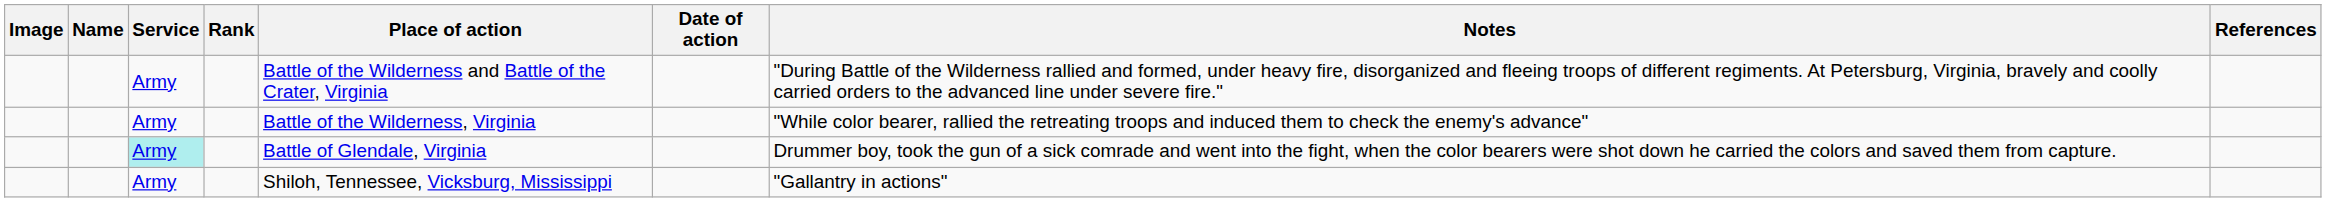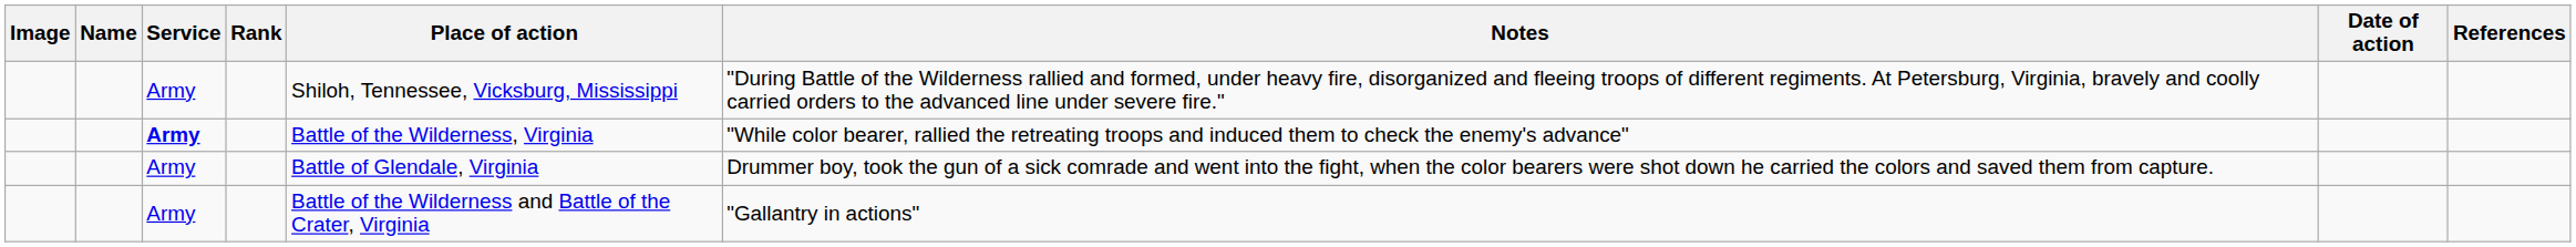 <table class="wikitable sortable" width="99%">
 <tr>
 <th class="unsortable">Image</th>
 <th>Name</th>
 <th>Service</th>
 <th>Rank</th>
 <th>Place of action</th>
+<th class="unsortable">Notes</th>
 <th>Date of action</th>
-<th class="unsortable">Notes</th>
 <th class="unsortable">References</th>
 </tr>
 <tr>
 <td></td>
 <td></td>
 <td><a href='#'>Army</a></td>
 <td></td>
-<td><a href='#'>Battle of the Wilderness</a> and <a href='#'>Battle of the Crater</a>, <a href='#'>Virginia</a></td>
+<td>Shiloh, Tennessee, <a href='#'>Vicksburg, Mississippi</a></td>
+<td>"During Battle of the Wilderness rallied and formed, under heavy fire, disorganized and fleeing troops of different regiments. At Petersburg, Virginia, bravely and coolly carried orders to the advanced line under severe fire."</td>
 <td></td>
-<td>"During Battle of the Wilderness rallied and formed, under heavy fire, disorganized and fleeing troops of different regiments. At Petersburg, Virginia, bravely and coolly carried orders to the advanced line under severe fire."</td>
+<td></td>
+</tr>
+<tr>
+<td></td>
+<td></td>
+<td><strong><a href='#'>Army</a></strong></td>
+<td></td>
+<td><a href='#'>Battle of the Wilderness</a>, <a href='#'>Virginia</a></td>
+<td>"While color bearer, rallied the retreating troops and induced them to check the enemy's advance"</td>
+<td></td>
 <td></td>
 </tr>
 <tr>
 <td></td>
 <td></td>
 <td><a href='#'>Army</a></td>
 <td></td>
-<td><a href='#'>Battle of the Wilderness</a>, <a href='#'>Virginia</a></td>
+<td><a href='#'>Battle of Glendale</a>, <a href='#'>Virginia</a></td>
+<td>Drummer boy, took the gun of a sick comrade and went into the fight, when the color bearers were shot down he carried the colors and saved them from capture.</td>
 <td></td>
-<td>"While color bearer, rallied the retreating troops and induced them to check the enemy's advance"</td>
-<td></td>
-</tr>
-<tr>
-<td></td>
-<td></td>
-<td style="background: paleturquoise;"><a href='#'>Army</a></td>
-<td></td>
-<td><a href='#'>Battle of Glendale</a>, <a href='#'>Virginia</a></td>
-<td></td>
-<td>Drummer boy, took the gun of a sick comrade and went into the fight, when the color bearers were shot down he carried the colors and saved them from capture.</td>
 <td></td>
 </tr>
 <tr>
 <td></td>
 <td></td>
 <td><a href='#'>Army</a></td>
 <td></td>
-<td>Shiloh, Tennessee, <a href='#'>Vicksburg, Mississippi</a></td>
+<td><a href='#'>Battle of the Wilderness</a> and <a href='#'>Battle of the Crater</a>, <a href='#'>Virginia</a></td>
+<td>"Gallantry in actions"</td>
 <td></td>
-<td>"Gallantry in actions"</td>
 <td></td>
 </tr>
 </table>
